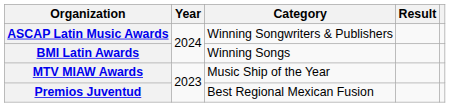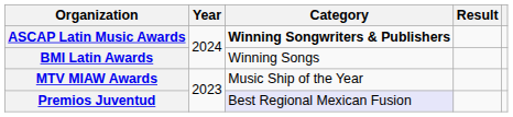 <table class="wikitable sortable plainrowheaders" style="border:none; margin:0;">
 <tr>
 <th scope="col">Organization</th>
 <th scope="col">Year</th>
 <th scope="col">Category</th>
 <th scope="col">Result</th>
 <th class="unsortable" scope="col"></th>
 </tr>
 <tr>
 <th scope="row"><a href='#'>ASCAP Latin Music Awards</a></th>
 <td rowspan="2">2024</td>
-<td>Winning Songwriters & Publishers</td>
+<td><strong>Winning Songwriters & Publishers</strong></td>
 <td></td>
 <td style="text-align:center;"></td>
 </tr>
 <tr>
 <th scope="row"><a href='#'>BMI Latin Awards</a></th>
 <td>Winning Songs</td>
 <td></td>
 <td style="text-align:center;"></td>
 </tr>
 <tr>
 <th scope="row"><a href='#'>MTV MIAW Awards</a></th>
 <td rowspan="2">2023</td>
 <td>Music Ship of the Year</td>
 <td></td>
 <td style="text-align:center;"></td>
 </tr>
 <tr>
 <th scope="row"><a href='#'>Premios Juventud</a></th>
-<td>Best Regional Mexican Fusion</td>
+<td style="background: lavender;">Best Regional Mexican Fusion</td>
 <td></td>
 <td style="text-align:center;"></td>
 </tr>
 <tr>
 </tr>
 </table>
